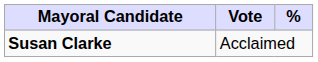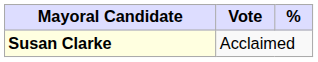 <table class="wikitable">
 <tr>
 <th style="background:#ddf; width:200px;">Mayoral Candidate</th>
 <th style="background:#ddf; width:50px;">Vote</th>
 <th style="background:#ddf; width:30px;">%</th>
 </tr>
 <tr>
-<td><strong>Susan Clarke</strong></td>
+<td style="background: lightyellow;"><strong>Susan Clarke</strong></td>
 <td colspan="2">Acclaimed</td>
 </tr>
 </table>
